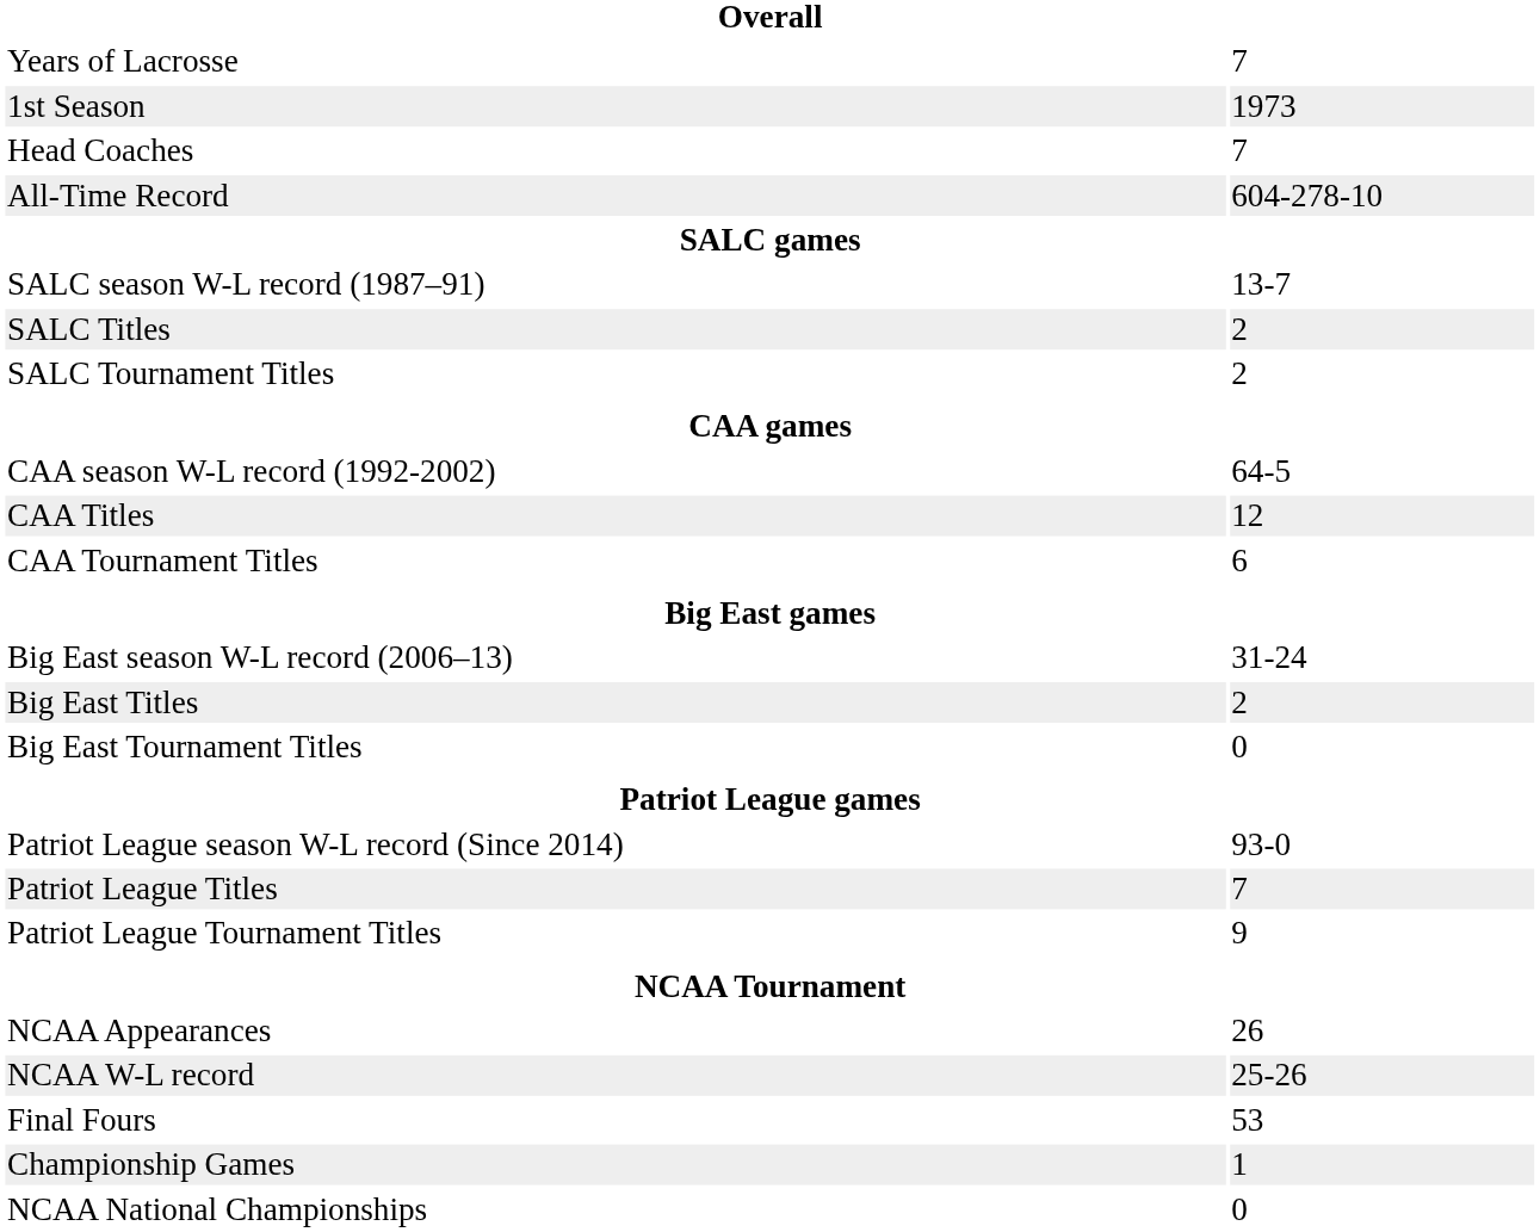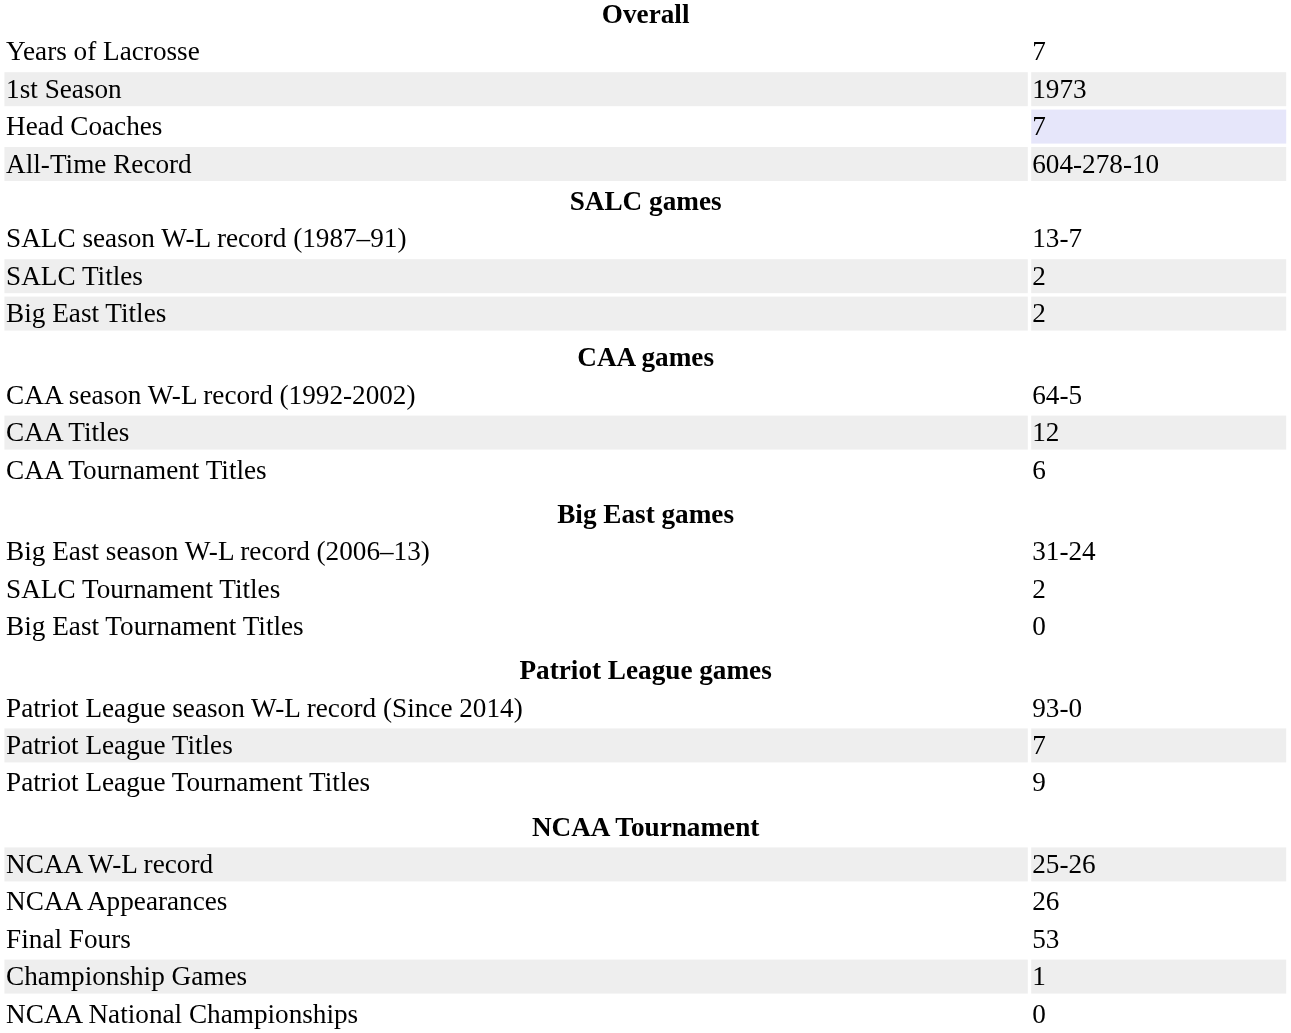 <table width=60% class="toccolours">
 <tr>
 <th colspan=2>Overall</th>
 </tr>
 <tr>
 <td>Years of Lacrosse</td>
 <td>7</td>
 </tr>
 <tr bgcolor=#eeeeee>
 <td>1st Season</td>
 <td>1973</td>
 </tr>
 <tr>
 <td>Head Coaches</td>
-<td>7</td>
+<td style="background: lavender;">7</td>
 </tr>
 <tr bgcolor=#eeeeee>
 <td>All-Time Record</td>
 <td>604-278-10</td>
 </tr>
 <tr>
 <th colspan=2>SALC games</th>
 </tr>
 <tr>
 <td>SALC season W-L record (1987–91)</td>
 <td>13-7</td>
 </tr>
 <tr bgcolor=#eeeeee>
 <td>SALC Titles</td>
 <td>2</td>
 </tr>
-<tr>
-<td>SALC Tournament Titles</td>
+<tr bgcolor=#eeeeee>
+<td>Big East Titles</td>
 <td>2</td>
 </tr>
 <tr>
 </tr>
 <tr bgcolor=#eeeeee>
 </tr>
 <tr>
 <th colspan=2>CAA games</th>
 </tr>
 <tr>
 <td>CAA season W-L record (1992-2002)</td>
 <td>64-5</td>
 </tr>
 <tr bgcolor=#eeeeee>
 <td>CAA Titles</td>
 <td>12</td>
 </tr>
 <tr>
 <td>CAA Tournament Titles</td>
 <td>6</td>
 </tr>
 <tr>
 </tr>
 <tr bgcolor=#eeeeee>
 </tr>
 <tr>
 <th colspan=2>Big East games</th>
 </tr>
 <tr>
 <td>Big East season W-L record (2006–13)</td>
 <td>31-24</td>
 </tr>
-<tr bgcolor=#eeeeee>
-<td>Big East Titles</td>
+<tr>
+<td>SALC Tournament Titles</td>
 <td>2</td>
 </tr>
 <tr>
 <td>Big East Tournament Titles</td>
 <td>0</td>
 </tr>
 <tr>
 </tr>
 <tr bgcolor=#eeeeee>
 </tr>
 <tr>
 <th colspan=2>Patriot League games</th>
 </tr>
 <tr>
 <td>Patriot League season W-L record (Since 2014)</td>
 <td>93-0</td>
 </tr>
 <tr bgcolor=#eeeeee>
 <td>Patriot League Titles</td>
 <td>7</td>
 </tr>
 <tr>
 <td>Patriot League Tournament Titles</td>
 <td>9</td>
 </tr>
 <tr>
 </tr>
 <tr bgcolor=#eeeeee>
 </tr>
 <tr>
 <th colspan=2>NCAA Tournament</th>
 </tr>
+<tr bgcolor=#eeeeee>
+<td>NCAA W-L record</td>
+<td>25-26</td>
+</tr>
 <tr>
 <td>NCAA Appearances</td>
 <td>26</td>
-</tr>
-<tr bgcolor=#eeeeee>
-<td>NCAA W-L record</td>
-<td>25-26</td>
 </tr>
 <tr>
 <td>Final Fours</td>
 <td>53</td>
 </tr>
 <tr bgcolor=#eeeeee>
 <td>Championship Games</td>
 <td>1</td>
 </tr>
 <tr>
 <td>NCAA National Championships</td>
 <td>0</td>
 </tr>
 </table>
